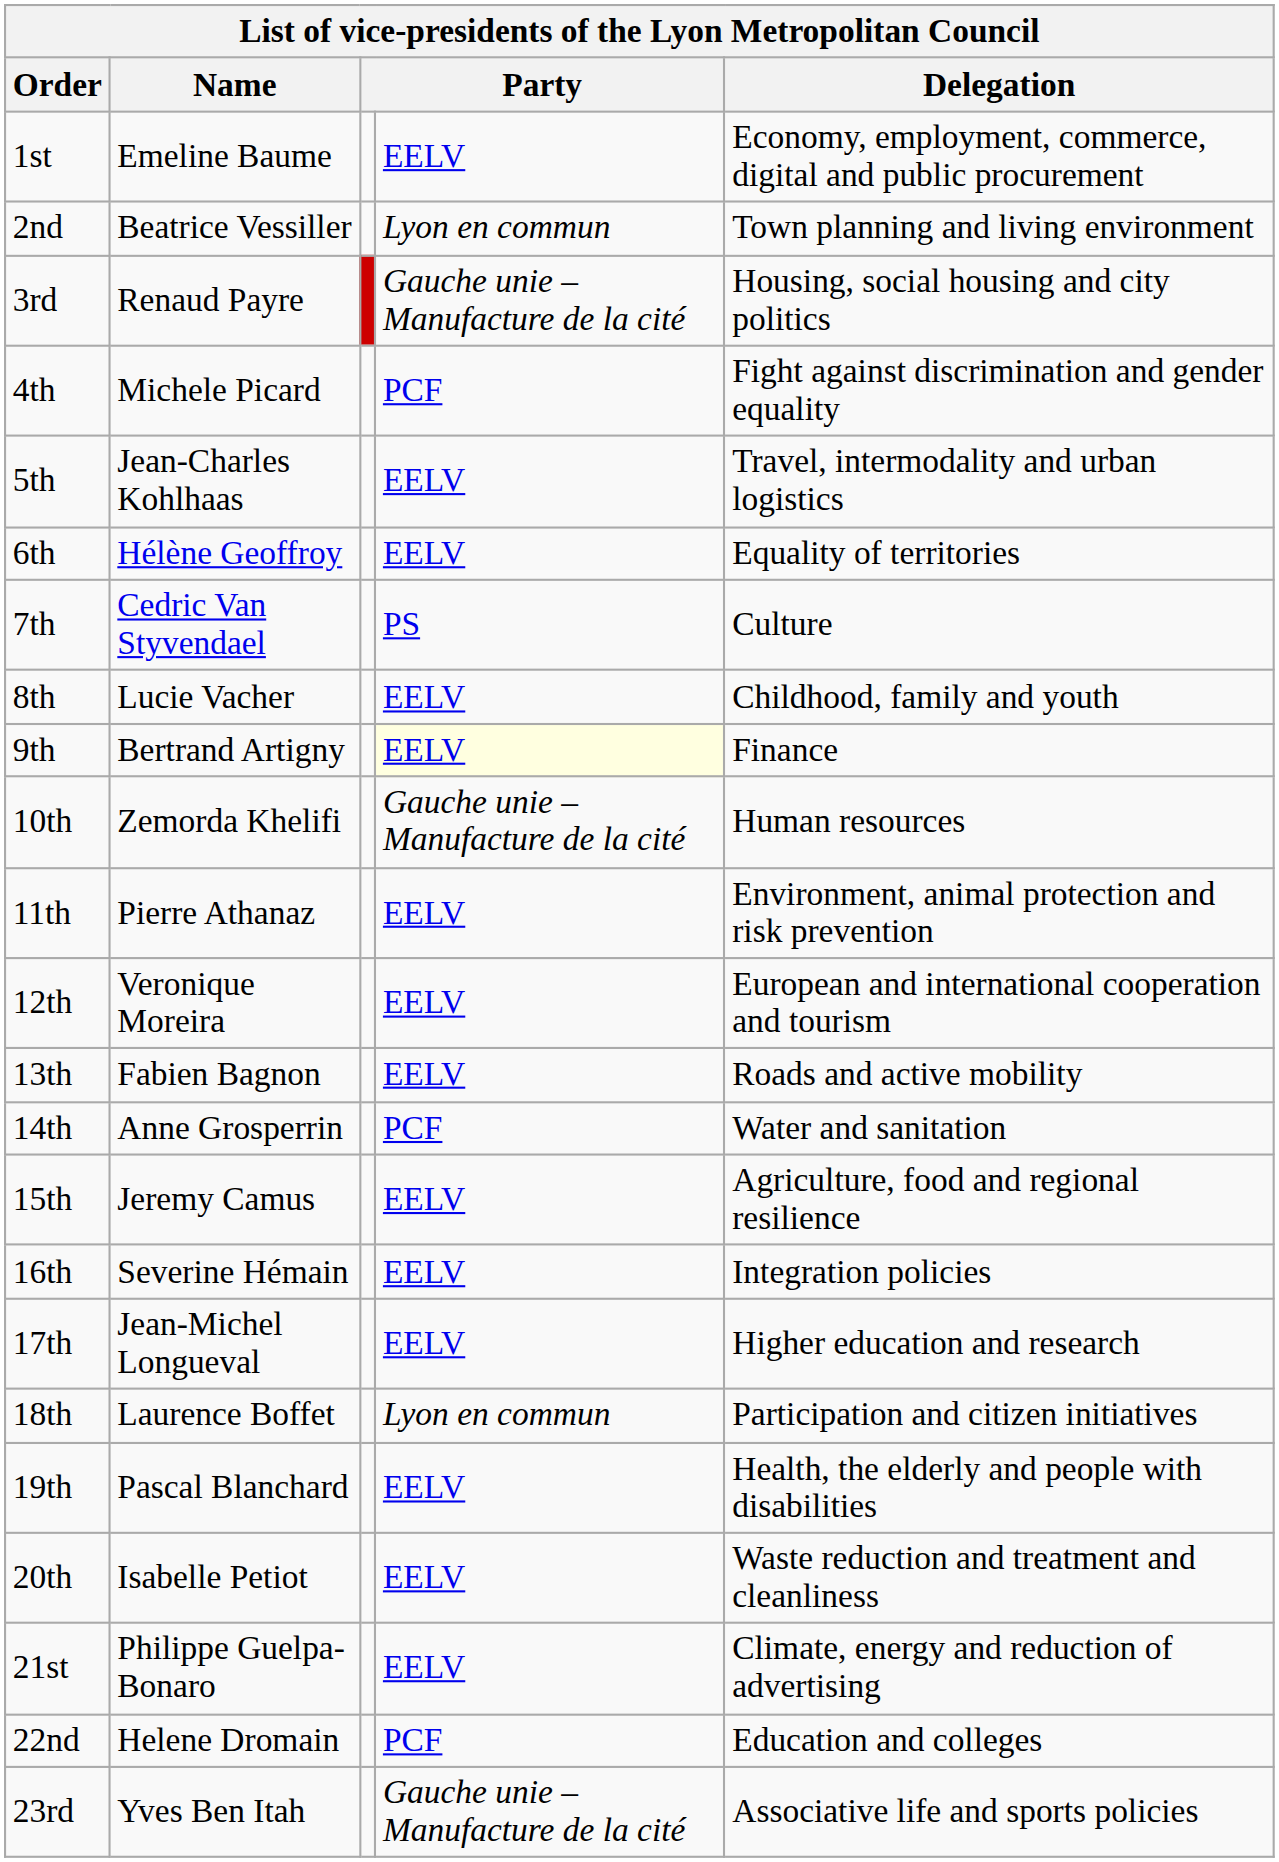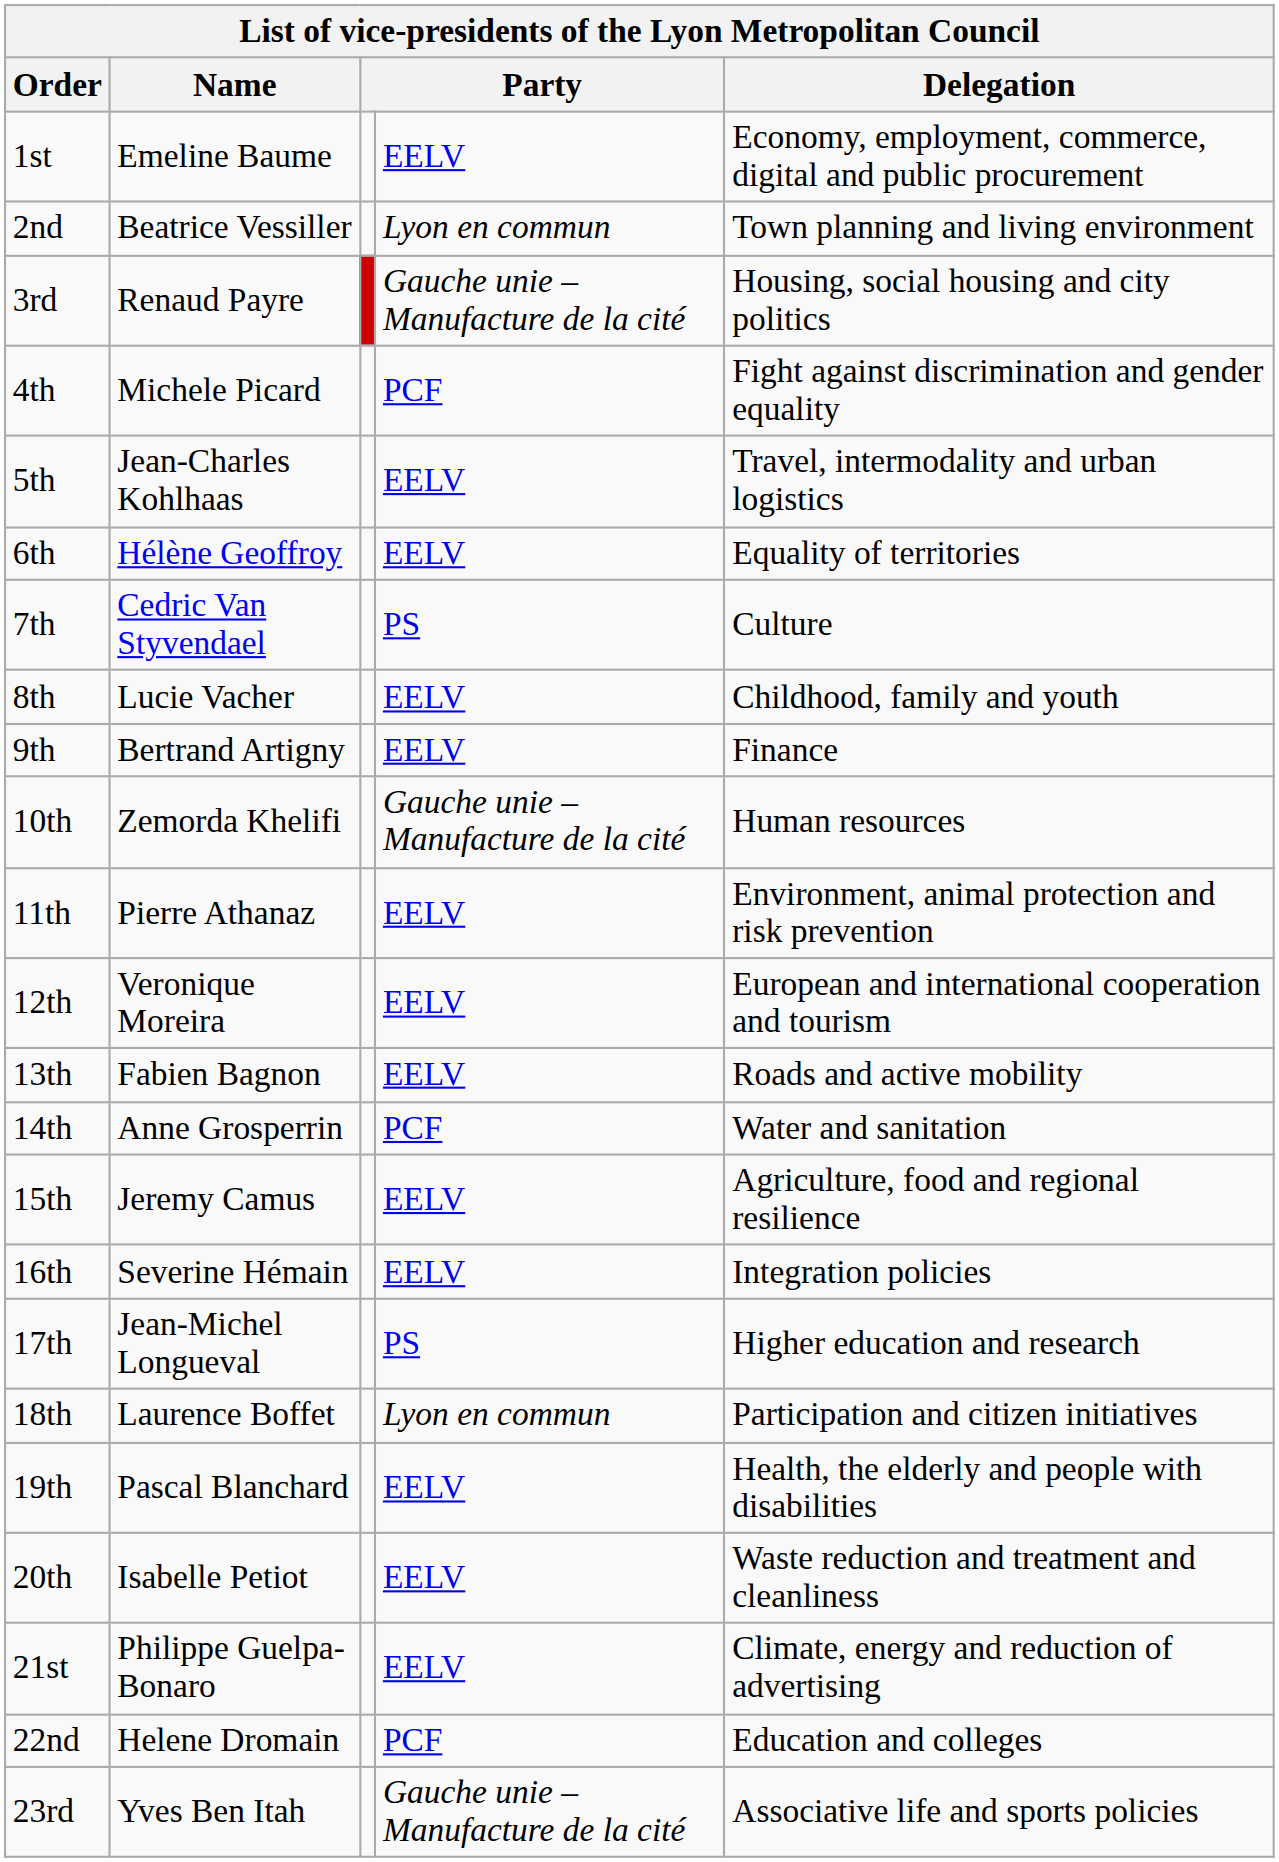 <table class="wikitable sortable">
 <tr>
 <th colspan="5">List of vice-presidents of the Lyon Metropolitan Council</th>
 </tr>
 <tr>
 <th>Order</th>
 <th>Name</th>
 <th colspan="2">Party</th>
 <th>Delegation</th>
 </tr>
 <tr>
 <td><abbr>1st</abbr></td>
 <td>Emeline Baume</td>
 <td style="background-color:"></td>
 <td><a href='#'>EELV</a></td>
 <td>Economy, employment, commerce, digital and public procurement</td>
 </tr>
 <tr>
 <td><abbr>2nd</abbr></td>
 <td>Beatrice Vessiller</td>
 <td style="background-color:"></td>
 <td><em>Lyon en commun</em></td>
 <td>Town planning and living environment</td>
 </tr>
 <tr>
 <td><abbr>3rd</abbr></td>
 <td>Renaud Payre</td>
 <td style="background-color:#CD0000"></td>
 <td><em>Gauche unie – Manufacture de la cité</em></td>
 <td>Housing, social housing and city politics</td>
 </tr>
 <tr>
 <td><abbr>4th</abbr></td>
 <td>Michele Picard</td>
 <td style="background-color:"></td>
 <td><a href='#'>PCF</a></td>
 <td>Fight against discrimination and gender equality</td>
 </tr>
 <tr>
 <td><abbr>5th</abbr></td>
 <td>Jean-Charles Kohlhaas</td>
 <td style="background-color: "></td>
 <td><a href='#'>EELV</a></td>
 <td>Travel, intermodality and urban logistics</td>
 </tr>
 <tr>
 <td><abbr>6th</abbr></td>
 <td><a href='#'>Hélène Geoffroy</a></td>
 <td style="background-color: "></td>
 <td><a href='#'>EELV</a></td>
 <td>Equality of territories</td>
 </tr>
 <tr>
 <td><abbr>7th</abbr></td>
 <td><a href='#'>Cedric Van Styvendael</a></td>
 <td style="background-color: "></td>
 <td><a href='#'>PS</a></td>
 <td>Culture</td>
 </tr>
 <tr>
 <td><abbr>8th</abbr></td>
 <td>Lucie Vacher</td>
 <td style="background-color: "></td>
 <td><a href='#'>EELV</a></td>
 <td>Childhood, family and youth</td>
 </tr>
 <tr>
 <td><abbr>9th</abbr></td>
 <td>Bertrand Artigny</td>
 <td style="background-color: "></td>
-<td style="background: lightyellow;"><a href='#'>EELV</a></td>
+<td><a href='#'>EELV</a></td>
 <td>Finance</td>
 </tr>
 <tr>
 <td><abbr>10th</abbr></td>
 <td>Zemorda Khelifi</td>
 <td style="background-color: "></td>
 <td><em>Gauche unie – Manufacture de la cité</em></td>
 <td>Human resources</td>
 </tr>
 <tr>
 <td><abbr>11th</abbr></td>
 <td>Pierre Athanaz</td>
 <td style="background-color: "></td>
 <td><a href='#'>EELV</a></td>
 <td>Environment, animal protection and risk prevention</td>
 </tr>
 <tr>
 <td><abbr>12th</abbr></td>
 <td>Veronique Moreira</td>
 <td style="background-color: "></td>
 <td><a href='#'>EELV</a></td>
 <td>European and international cooperation and tourism</td>
 </tr>
 <tr>
 <td><abbr>13th</abbr></td>
 <td>Fabien Bagnon</td>
 <td style="background-color: "></td>
 <td><a href='#'>EELV</a></td>
 <td>Roads and active mobility</td>
 </tr>
 <tr>
 <td><abbr>14th</abbr></td>
 <td>Anne Grosperrin</td>
 <td style="background-color: "></td>
 <td><a href='#'>PCF</a></td>
 <td>Water and sanitation</td>
 </tr>
 <tr>
 <td><abbr>15th</abbr></td>
 <td>Jeremy Camus</td>
 <td style="background-color: "></td>
 <td><a href='#'>EELV</a></td>
 <td>Agriculture, food and regional resilience</td>
 </tr>
 <tr>
 <td><abbr>16th</abbr></td>
 <td>Severine Hémain</td>
 <td style="background-color: "></td>
 <td><a href='#'>EELV</a></td>
 <td>Integration policies</td>
 </tr>
 <tr>
 <td><abbr>17th</abbr></td>
 <td>Jean-Michel Longueval</td>
 <td style="background-color: "></td>
-<td><a href='#'>EELV</a></td>
+<td><a href='#'>PS</a></td>
 <td>Higher education and research</td>
 </tr>
 <tr>
 <td><abbr>18th</abbr></td>
 <td>Laurence Boffet</td>
 <td style="background-color: "></td>
 <td><em>Lyon en commun</em></td>
 <td>Participation and citizen initiatives</td>
 </tr>
 <tr>
 <td><abbr>19th</abbr></td>
 <td>Pascal Blanchard</td>
 <td style="background-color: "></td>
 <td><a href='#'>EELV</a></td>
 <td>Health, the elderly and people with disabilities</td>
 </tr>
 <tr>
 <td><abbr>20th</abbr></td>
 <td>Isabelle Petiot</td>
 <td style="background-color: "></td>
 <td><a href='#'>EELV</a></td>
 <td>Waste reduction and treatment and cleanliness</td>
 </tr>
 <tr>
 <td><abbr>21st</abbr></td>
 <td>Philippe Guelpa-Bonaro</td>
 <td style="background-color: "></td>
 <td><a href='#'>EELV</a></td>
 <td>Climate, energy and reduction of advertising</td>
 </tr>
 <tr>
 <td><abbr>22nd</abbr></td>
 <td>Helene Dromain</td>
 <td style="background-color: "></td>
 <td><a href='#'>PCF</a></td>
 <td>Education and colleges</td>
 </tr>
 <tr>
 <td><abbr>23rd</abbr></td>
 <td>Yves Ben Itah</td>
 <td style="background-color: "></td>
 <td><em>Gauche unie – Manufacture de la cité</em></td>
 <td>Associative life and sports policies</td>
 </tr>
 </table>
